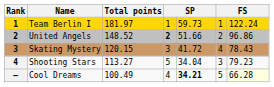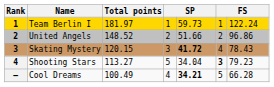 <table class="wikitable">
 <tr>
 <th>Rank</th>
 <th>Name</th>
 <th>Total points</th>
 <th colspan="2" width="80px">SP</th>
 <th colspan="2" width="80px">FS</th>
 </tr>
 <tr bgcolor="gold">
 <td align="center"><strong>1</strong></td>
 <td>Team Berlin I</td>
 <td>181.97</td>
 <td>1</td>
 <td>59.73</td>
 <td>1</td>
 <td>122.24</td>
 </tr>
 <tr bgcolor="silver">
 <td align="center"><strong>2</strong></td>
 <td>United Angels</td>
 <td>148.52</td>
-<td><strong>2</strong></td>
+<td>2</td>
 <td>51.66</td>
 <td>2</td>
 <td>96.86</td>
 </tr>
 <tr bgcolor="cc9966">
 <td align="center"><strong>3</strong></td>
 <td>Skating Mystery</td>
 <td>120.15</td>
 <td>3</td>
-<td>41.72</td>
+<td><strong>41.72</strong></td>
 <td>4</td>
 <td>78.43</td>
 </tr>
 <tr>
 <th>4</th>
 <td>Shooting Stars</td>
 <td>113.27</td>
 <td>5</td>
 <td>34.04</td>
-<td>3</td>
+<td><strong>3</strong></td>
 <td>79.23</td>
 </tr>
 <tr>
 <th>–</th>
 <td> Cool Dreams</td>
 <td>100.49</td>
 <td>4</td>
 <td><strong>34.21</strong></td>
 <td>5</td>
-<td style="background: lightyellow;">66.28</td>
+<td>66.28</td>
 </tr>
 </table>
